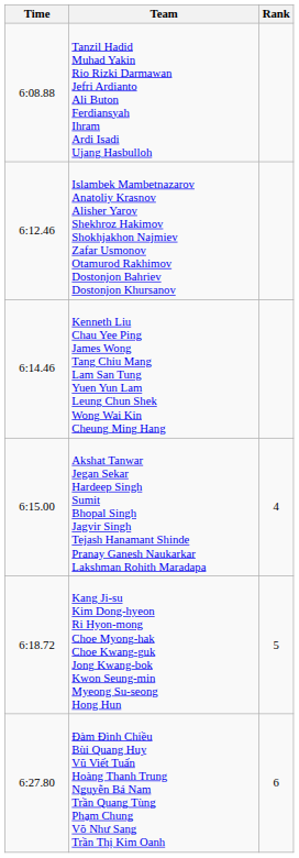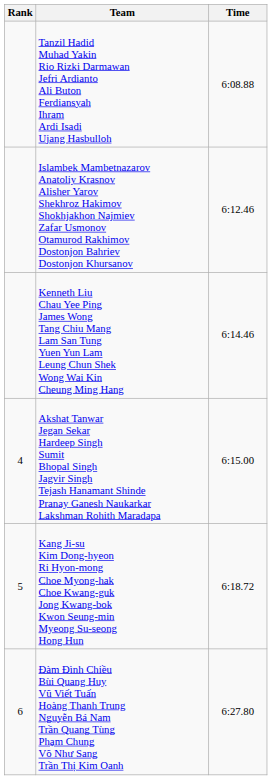 <table class=wikitable style="text-align:center">
 <tr>
+<th width=40>Rank</th>
+<th width=250>Team</th>
 <th width=80>Time</th>
-<th width=250>Team</th>
-<th width=40>Rank</th>
 </tr>
 <tr>
+<td></td>
+<td align=left><br><a href='#'>Tanzil Hadid</a><br><a href='#'>Muhad Yakin</a><br><a href='#'>Rio Rizki Darmawan</a><br><a href='#'>Jefri Ardianto</a><br><a href='#'>Ali Buton</a><br><a href='#'>Ferdiansyah</a><br><a href='#'>Ihram</a><br><a href='#'>Ardi Isadi</a><br><a href='#'>Ujang Hasbulloh</a></td>
 <td>6:08.88</td>
-<td align=left><br><a href='#'>Tanzil Hadid</a><br><a href='#'>Muhad Yakin</a><br><a href='#'>Rio Rizki Darmawan</a><br><a href='#'>Jefri Ardianto</a><br><a href='#'>Ali Buton</a><br><a href='#'>Ferdiansyah</a><br><a href='#'>Ihram</a><br><a href='#'>Ardi Isadi</a><br><a href='#'>Ujang Hasbulloh</a></td>
-<td></td>
 </tr>
 <tr>
+<td></td>
+<td align=left><br><a href='#'>Islambek Mambetnazarov</a><br><a href='#'>Anatoliy Krasnov</a><br><a href='#'>Alisher Yarov</a><br><a href='#'>Shekhroz Hakimov</a><br><a href='#'>Shokhjakhon Najmiev</a><br><a href='#'>Zafar Usmonov</a><br><a href='#'>Otamurod Rakhimov</a><br><a href='#'>Dostonjon Bahriev</a><br><a href='#'>Dostonjon Khursanov</a></td>
 <td>6:12.46</td>
-<td align=left><br><a href='#'>Islambek Mambetnazarov</a><br><a href='#'>Anatoliy Krasnov</a><br><a href='#'>Alisher Yarov</a><br><a href='#'>Shekhroz Hakimov</a><br><a href='#'>Shokhjakhon Najmiev</a><br><a href='#'>Zafar Usmonov</a><br><a href='#'>Otamurod Rakhimov</a><br><a href='#'>Dostonjon Bahriev</a><br><a href='#'>Dostonjon Khursanov</a></td>
-<td></td>
 </tr>
 <tr>
+<td></td>
+<td align=left><br><a href='#'>Kenneth Liu</a><br><a href='#'>Chau Yee Ping</a><br><a href='#'>James Wong</a><br><a href='#'>Tang Chiu Mang</a><br><a href='#'>Lam San Tung</a><br><a href='#'>Yuen Yun Lam</a><br><a href='#'>Leung Chun Shek</a><br><a href='#'>Wong Wai Kin</a><br><a href='#'>Cheung Ming Hang</a></td>
 <td>6:14.46</td>
-<td align=left><br><a href='#'>Kenneth Liu</a><br><a href='#'>Chau Yee Ping</a><br><a href='#'>James Wong</a><br><a href='#'>Tang Chiu Mang</a><br><a href='#'>Lam San Tung</a><br><a href='#'>Yuen Yun Lam</a><br><a href='#'>Leung Chun Shek</a><br><a href='#'>Wong Wai Kin</a><br><a href='#'>Cheung Ming Hang</a></td>
-<td></td>
 </tr>
 <tr>
+<td>4</td>
+<td align=left><br><a href='#'>Akshat Tanwar</a><br><a href='#'>Jegan Sekar</a><br><a href='#'>Hardeep Singh</a><br><a href='#'>Sumit</a><br><a href='#'>Bhopal Singh</a><br><a href='#'>Jagvir Singh</a><br><a href='#'>Tejash Hanamant Shinde</a><br><a href='#'>Pranay Ganesh Naukarkar</a><br><a href='#'>Lakshman Rohith Maradapa</a></td>
 <td>6:15.00</td>
-<td align=left><br><a href='#'>Akshat Tanwar</a><br><a href='#'>Jegan Sekar</a><br><a href='#'>Hardeep Singh</a><br><a href='#'>Sumit</a><br><a href='#'>Bhopal Singh</a><br><a href='#'>Jagvir Singh</a><br><a href='#'>Tejash Hanamant Shinde</a><br><a href='#'>Pranay Ganesh Naukarkar</a><br><a href='#'>Lakshman Rohith Maradapa</a></td>
-<td>4</td>
 </tr>
 <tr>
+<td>5</td>
+<td align=left><br><a href='#'>Kang Ji-su</a><br><a href='#'>Kim Dong-hyeon</a><br><a href='#'>Ri Hyon-mong</a><br><a href='#'>Choe Myong-hak</a><br><a href='#'>Choe Kwang-guk</a><br><a href='#'>Jong Kwang-bok</a><br><a href='#'>Kwon Seung-min</a><br><a href='#'>Myeong Su-seong</a><br><a href='#'>Hong Hun</a></td>
 <td>6:18.72</td>
-<td align=left><br><a href='#'>Kang Ji-su</a><br><a href='#'>Kim Dong-hyeon</a><br><a href='#'>Ri Hyon-mong</a><br><a href='#'>Choe Myong-hak</a><br><a href='#'>Choe Kwang-guk</a><br><a href='#'>Jong Kwang-bok</a><br><a href='#'>Kwon Seung-min</a><br><a href='#'>Myeong Su-seong</a><br><a href='#'>Hong Hun</a></td>
-<td>5</td>
 </tr>
 <tr>
+<td>6</td>
+<td align=left><br><a href='#'>Đàm Đình Chiều</a><br><a href='#'>Bùi Quang Huy</a><br><a href='#'>Vũ Viết Tuấn</a><br><a href='#'>Hoàng Thanh Trung</a><br><a href='#'>Nguyễn Bá Nam</a><br><a href='#'>Trần Quang Tùng</a><br><a href='#'>Phạm Chung</a><br><a href='#'>Võ Như Sang</a><br><a href='#'>Trần Thị Kim Oanh</a></td>
 <td>6:27.80</td>
-<td align=left><br><a href='#'>Đàm Đình Chiều</a><br><a href='#'>Bùi Quang Huy</a><br><a href='#'>Vũ Viết Tuấn</a><br><a href='#'>Hoàng Thanh Trung</a><br><a href='#'>Nguyễn Bá Nam</a><br><a href='#'>Trần Quang Tùng</a><br><a href='#'>Phạm Chung</a><br><a href='#'>Võ Như Sang</a><br><a href='#'>Trần Thị Kim Oanh</a></td>
-<td>6</td>
 </tr>
 </table>
